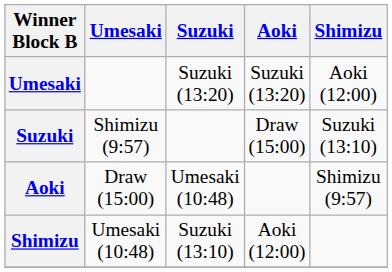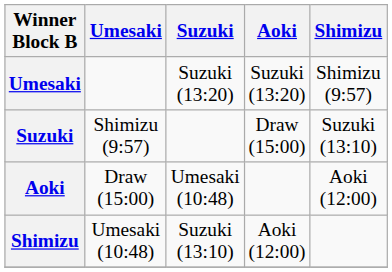 <table class="wikitable" style="text-align:center; margin: 1em auto 1em auto;" width="25%">
 <tr>
 <th>Winner Block B</th>
 <th><a href='#'>Umesaki</a></th>
 <th><a href='#'>Suzuki</a></th>
 <th><a href='#'>Aoki</a></th>
 <th><a href='#'>Shimizu</a></th>
 </tr>
 <tr>
 <th><a href='#'>Umesaki</a></th>
 <td></td>
 <td>Suzuki<br>(13:20)</td>
 <td>Suzuki<br>(13:20)</td>
-<td>Aoki<br>(12:00)</td>
+<td>Shimizu<br>(9:57)</td>
 </tr>
 <tr>
 <th><a href='#'>Suzuki</a></th>
 <td>Shimizu<br>(9:57)</td>
 <td></td>
 <td>Draw<br>(15:00)</td>
 <td>Suzuki<br>(13:10)</td>
 </tr>
 <tr>
 <th><a href='#'>Aoki</a></th>
 <td>Draw<br>(15:00)</td>
 <td>Umesaki<br>(10:48)</td>
 <td></td>
-<td>Shimizu<br>(9:57)</td>
+<td>Aoki<br>(12:00)</td>
 </tr>
 <tr>
 <th><a href='#'>Shimizu</a></th>
 <td>Umesaki<br>(10:48)</td>
 <td>Suzuki<br>(13:10)</td>
 <td>Aoki<br>(12:00)</td>
 <td></td>
 </tr>
 <tr>
 </tr>
 </table>
